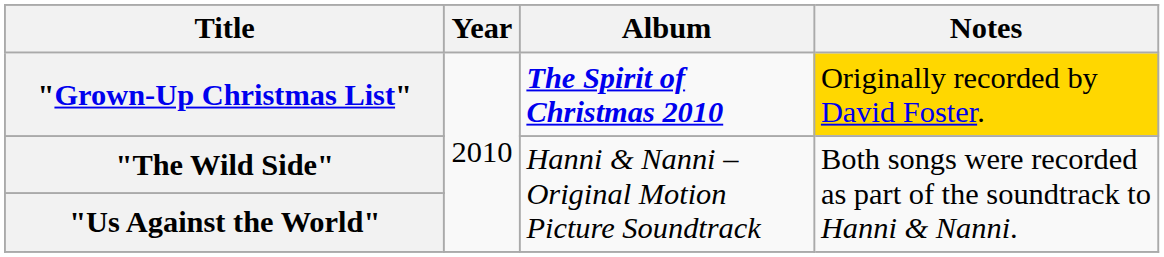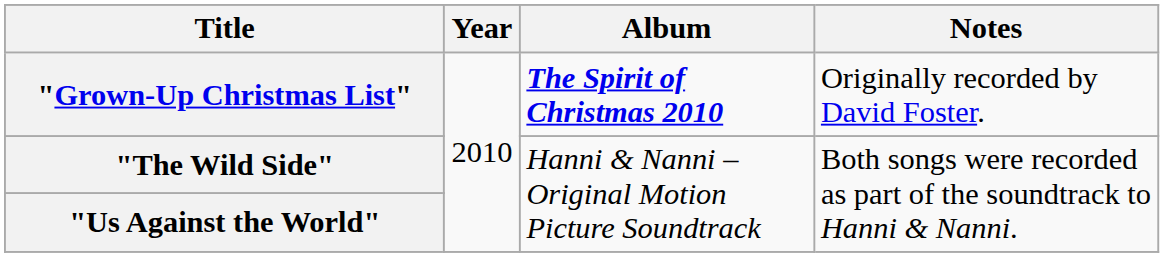 <table class="wikitable plainrowheaders style="text-align:center">
 <tr>
 <th scope="col" style="width:14em;">Title</th>
 <th scope="col">Year</th>
 <th scope="col">Album</th>
 <th scope="col">Notes</th>
 </tr>
 <tr>
 <th scope="row">"<a href='#'>Grown-Up Christmas List</a>"</th>
 <td rowspan="3">2010</td>
 <td><strong><em><a href='#'>The Spirit of Christmas 2010</a></em></strong></td>
-<td style="background: gold;">Originally recorded by <a href='#'>David Foster</a>.</td>
+<td>Originally recorded by <a href='#'>David Foster</a>.</td>
 </tr>
 <tr>
 <th scope="row">"The Wild Side"</th>
 <td rowspan="2"><em>Hanni & Nanni – Original Motion Picture Soundtrack</em></td>
 <td rowspan="2">Both songs were recorded as part of the soundtrack to <em>Hanni & Nanni</em>.</td>
 </tr>
 <tr>
 <th scope="row">"Us Against the World"</th>
 </tr>
 </table>
